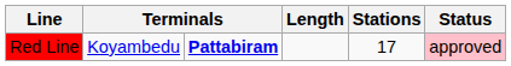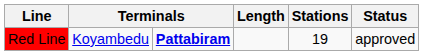 <table class="wikitable sortable" style="text-align:left; font-size:90%;">
 <tr>
 <th>Line</th>
 <th colspan="2">Terminals</th>
 <th>Length</th>
 <th>Stations</th>
 <th>Status</th>
 </tr>
 <tr>
 <td style="background:#ff0000;"><span>Red Line</span></td>
 <td><a href='#'>Koyambedu</a></td>
 <td><strong><a href='#'>Pattabiram</a></strong></td>
 <td style="text-align:center;"></td>
-<td style="text-align:center;">17</td>
-<td style="background: pink;"> approved</td>
+<td style="text-align:center;">19</td>
+<td> approved</td>
 </tr>
 </table>
